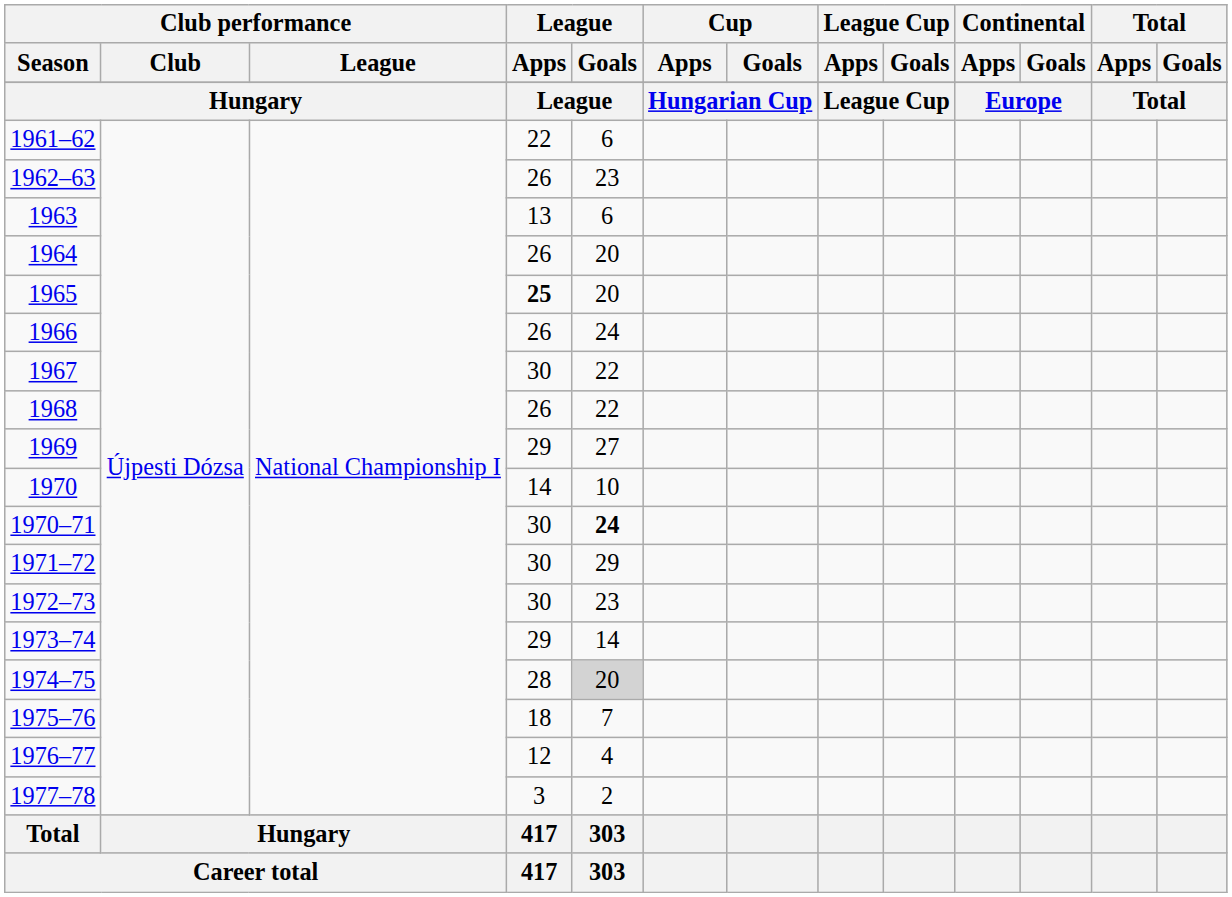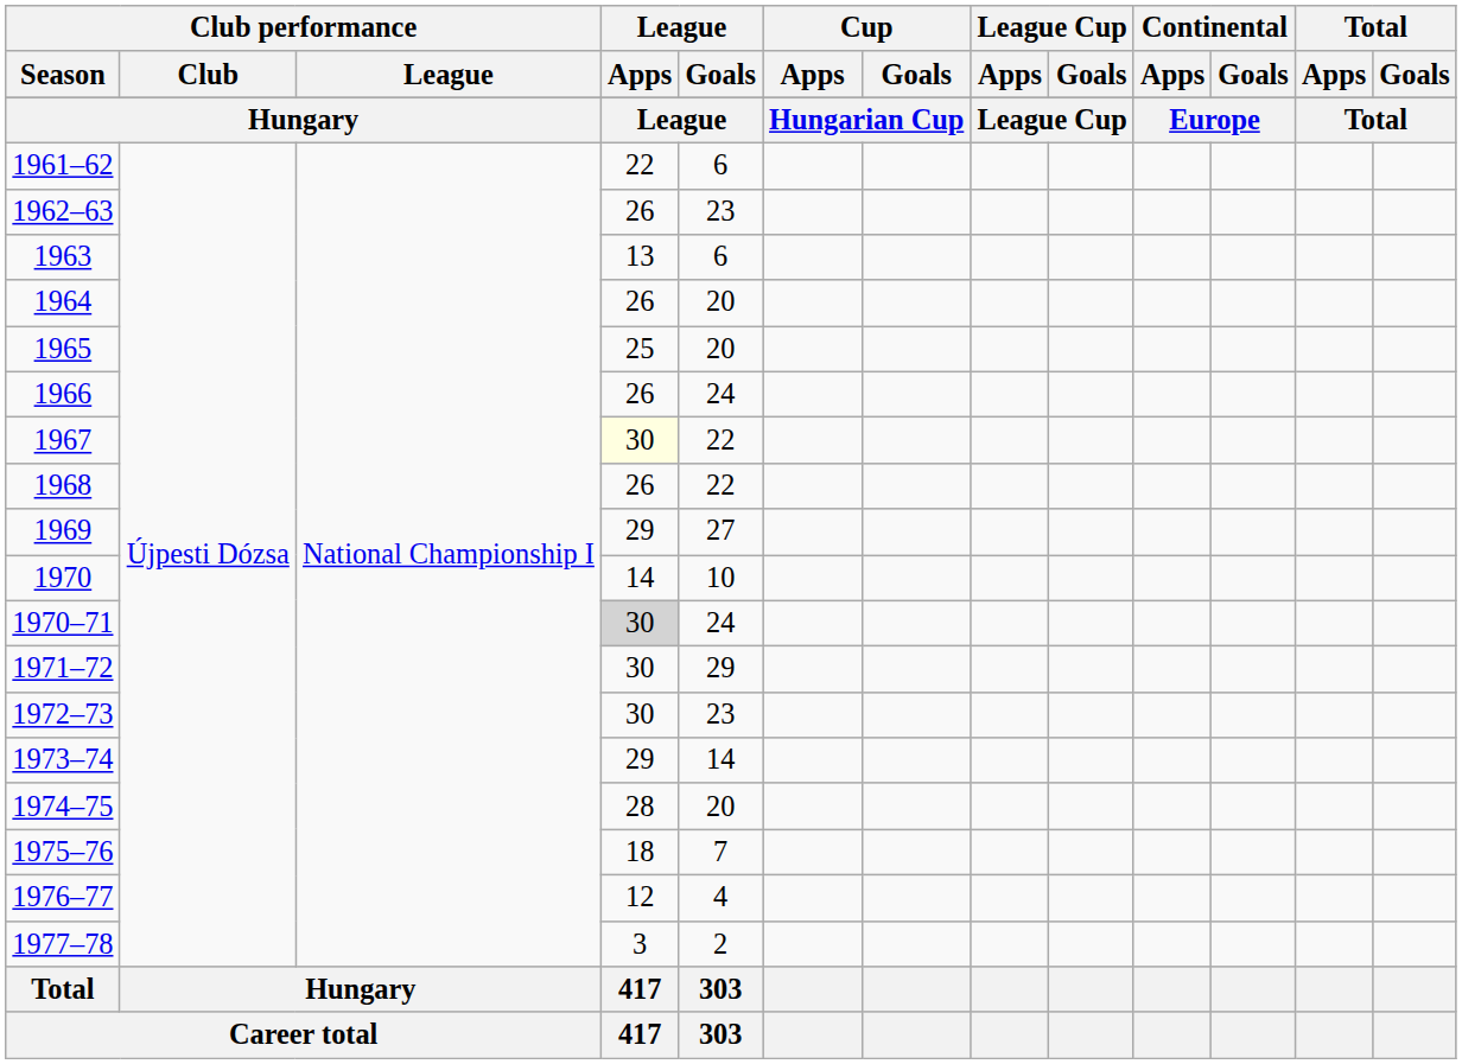 <table class="wikitable" style="text-align:center">
 <tr>
 <th colspan=3>Club performance</th>
 <th colspan=2>League</th>
 <th colspan=2>Cup</th>
 <th colspan=2>League Cup</th>
 <th colspan=2>Continental</th>
 <th colspan=2>Total</th>
 </tr>
 <tr>
 <th>Season</th>
 <th>Club</th>
 <th>League</th>
 <th>Apps</th>
 <th>Goals</th>
 <th>Apps</th>
 <th>Goals</th>
 <th>Apps</th>
 <th>Goals</th>
 <th>Apps</th>
 <th>Goals</th>
 <th>Apps</th>
 <th>Goals</th>
 </tr>
 <tr>
 </tr>
 <tr>
 <th colspan=3>Hungary</th>
 <th colspan=2>League</th>
 <th colspan=2><a href='#'>Hungarian Cup</a></th>
 <th colspan=2>League Cup</th>
 <th colspan=2><a href='#'>Europe</a></th>
 <th colspan=2>Total</th>
 </tr>
 <tr>
 <td><a href='#'>1961–62</a></td>
 <td rowspan="18"><a href='#'>Újpesti Dózsa</a></td>
 <td rowspan="18"><a href='#'>National Championship I</a></td>
 <td>22</td>
 <td>6</td>
 <td></td>
 <td></td>
 <td></td>
 <td></td>
 <td></td>
 <td></td>
 <td></td>
 <td></td>
 </tr>
 <tr>
 <td><a href='#'>1962–63</a></td>
 <td>26</td>
 <td>23</td>
 <td></td>
 <td></td>
 <td></td>
 <td></td>
 <td></td>
 <td></td>
 <td></td>
 <td></td>
 </tr>
 <tr>
 <td><a href='#'>1963</a></td>
 <td>13</td>
 <td>6</td>
 <td></td>
 <td></td>
 <td></td>
 <td></td>
 <td></td>
 <td></td>
 <td></td>
 <td></td>
 </tr>
 <tr>
 <td><a href='#'>1964</a></td>
 <td>26</td>
 <td>20</td>
 <td></td>
 <td></td>
 <td></td>
 <td></td>
 <td></td>
 <td></td>
 <td></td>
 <td></td>
 </tr>
 <tr>
 <td><a href='#'>1965</a></td>
-<td><strong>25</strong></td>
+<td>25</td>
 <td>20</td>
 <td></td>
 <td></td>
 <td></td>
 <td></td>
 <td></td>
 <td></td>
 <td></td>
 <td></td>
 </tr>
 <tr>
 <td><a href='#'>1966</a></td>
 <td>26</td>
 <td>24</td>
 <td></td>
 <td></td>
 <td></td>
 <td></td>
 <td></td>
 <td></td>
 <td></td>
 <td></td>
 </tr>
 <tr>
 <td><a href='#'>1967</a></td>
-<td>30</td>
+<td style="background: lightyellow;">30</td>
 <td>22</td>
 <td></td>
 <td></td>
 <td></td>
 <td></td>
 <td></td>
 <td></td>
 <td></td>
 <td></td>
 </tr>
 <tr>
 <td><a href='#'>1968</a></td>
 <td>26</td>
 <td>22</td>
 <td></td>
 <td></td>
 <td></td>
 <td></td>
 <td></td>
 <td></td>
 <td></td>
 <td></td>
 </tr>
 <tr>
 <td><a href='#'>1969</a></td>
 <td>29</td>
 <td>27</td>
 <td></td>
 <td></td>
 <td></td>
 <td></td>
 <td></td>
 <td></td>
 <td></td>
 <td></td>
 </tr>
 <tr>
 <td><a href='#'>1970</a></td>
 <td>14</td>
 <td>10</td>
 <td></td>
 <td></td>
 <td></td>
 <td></td>
 <td></td>
 <td></td>
 <td></td>
 <td></td>
 </tr>
 <tr>
 <td><a href='#'>1970–71</a></td>
-<td>30</td>
-<td><strong>24</strong></td>
+<td style="background: lightgrey;">30</td>
+<td>24</td>
 <td></td>
 <td></td>
 <td></td>
 <td></td>
 <td></td>
 <td></td>
 <td></td>
 <td></td>
 </tr>
 <tr>
 <td><a href='#'>1971–72</a></td>
 <td>30</td>
 <td>29</td>
 <td></td>
 <td></td>
 <td></td>
 <td></td>
 <td></td>
 <td></td>
 <td></td>
 <td></td>
 </tr>
 <tr>
 <td><a href='#'>1972–73</a></td>
 <td>30</td>
 <td>23</td>
 <td></td>
 <td></td>
 <td></td>
 <td></td>
 <td></td>
 <td></td>
 <td></td>
 <td></td>
 </tr>
 <tr>
 <td><a href='#'>1973–74</a></td>
 <td>29</td>
 <td>14</td>
 <td></td>
 <td></td>
 <td></td>
 <td></td>
 <td></td>
 <td></td>
 <td></td>
 <td></td>
 </tr>
 <tr>
 <td><a href='#'>1974–75</a></td>
 <td>28</td>
-<td style="background: lightgrey;">20</td>
+<td>20</td>
 <td></td>
 <td></td>
 <td></td>
 <td></td>
 <td></td>
 <td></td>
 <td></td>
 <td></td>
 </tr>
 <tr>
 <td><a href='#'>1975–76</a></td>
 <td>18</td>
 <td>7</td>
 <td></td>
 <td></td>
 <td></td>
 <td></td>
 <td></td>
 <td></td>
 <td></td>
 <td></td>
 </tr>
 <tr>
 <td><a href='#'>1976–77</a></td>
 <td>12</td>
 <td>4</td>
 <td></td>
 <td></td>
 <td></td>
 <td></td>
 <td></td>
 <td></td>
 <td></td>
 <td></td>
 </tr>
 <tr>
 <td><a href='#'>1977–78</a></td>
 <td>3</td>
 <td>2</td>
 <td></td>
 <td></td>
 <td></td>
 <td></td>
 <td></td>
 <td></td>
 <td></td>
 <td></td>
 </tr>
 <tr>
 <th rowspan=1>Total</th>
 <th colspan=2>Hungary</th>
 <th>417</th>
 <th>303</th>
 <th></th>
 <th></th>
 <th></th>
 <th></th>
 <th></th>
 <th></th>
 <th></th>
 <th></th>
 </tr>
 <tr>
 <th colspan=3>Career total</th>
 <th>417</th>
 <th>303</th>
 <th></th>
 <th></th>
 <th></th>
 <th></th>
 <th></th>
 <th></th>
 <th></th>
 <th></th>
 </tr>
 </table>
